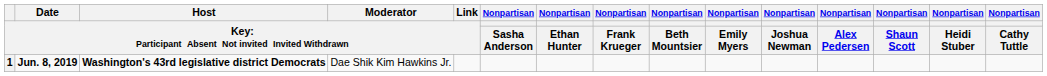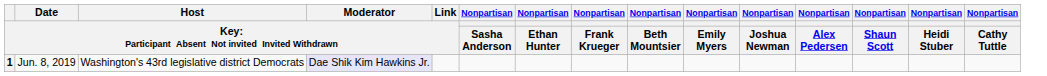 <table class="wikitable" style="text-align:center;">
 <tr>
 <th scope="col"></th>
 <th scope="col">Date</th>
 <th scope="col">Host</th>
 <th scope="col">Moderator</th>
 <th scope="col">Link</th>
 <th scope="col"><small><a href='#'>Nonpartisan</a></small></th>
 <th scope="col"><small><a href='#'>Nonpartisan</a></small></th>
 <th scope="col"><small><a href='#'>Nonpartisan</a></small></th>
 <th scope="col"><small><a href='#'>Nonpartisan</a></small></th>
 <th scope="col"><small><a href='#'>Nonpartisan</a></small></th>
 <th scope="col"><small><a href='#'>Nonpartisan</a></small></th>
 <th scope="col"><small><a href='#'>Nonpartisan</a></small></th>
 <th scope="col"><small><a href='#'>Nonpartisan</a></small></th>
 <th scope="col"><small><a href='#'>Nonpartisan</a></small></th>
 <th scope="col"><small><a href='#'>Nonpartisan</a></small></th>
 </tr>
 <tr>
 <th colspan="5" rowspan="2">Key:<br> <small>Participant </small>  <small>Absent </small>  <small>Not invited </small>  <small>Invited  Withdrawn</small></th>
 <th scope="col" style="background:"></th>
 <th scope="col" style="background:"></th>
 <th scope="col" style="background:"></th>
 <th scope="col" style="background:"></th>
 <th scope="col" style="background:"></th>
 <th scope="col" style="background:"></th>
 <th scope="col" style="background:"></th>
 <th scope="col" style="background:"></th>
 <th scope="col" style="background:"></th>
 <th scope="col" style="background:"></th>
 </tr>
 <tr>
 <th scope="col">Sasha Anderson</th>
 <th scope="col">Ethan Hunter</th>
 <th scope="col">Frank Krueger</th>
 <th scope="col">Beth Mountsier</th>
 <th scope="col">Emily Myers</th>
 <th scope="col">Joshua Newman</th>
 <th scope="col"><a href='#'>Alex Pedersen</a></th>
 <th scope="col"><a href='#'>Shaun Scott</a></th>
 <th scope="col">Heidi Stuber</th>
 <th scope="col">Cathy Tuttle</th>
 </tr>
 <tr>
 <th>1</th>
-<td style="white-space:nowrap;"><strong>Jun. 8, 2019</strong></td>
-<td style="white-space:nowrap;"><strong>Washington's 43rd legislative district Democrats</strong></td>
-<td style="white-space:nowrap;">Dae Shik Kim Hawkins Jr.</td>
+<td style="white-space:nowrap;">Jun. 8, 2019</td>
+<td style="white-space:nowrap;">Washington's 43rd legislative district Democrats</td>
+<td style="background: lavender; white-space:nowrap;">Dae Shik Kim Hawkins Jr.</td>
 <td style="white-space:nowrap;"></td>
 <td></td>
 <td></td>
 <td></td>
 <td></td>
 <td></td>
 <td></td>
 <td></td>
 <td></td>
 <td></td>
 <td></td>
 </tr>
 </table>
